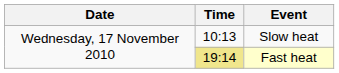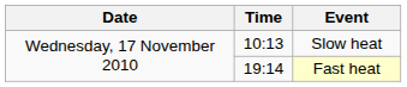 <table class = "wikitable" style="text-align:center;">
 <tr>
 <th width=220>Date</th>
 <th width=50>Time</th>
 <th width=100>Event</th>
 </tr>
 <tr>
 <td rowspan=2>Wednesday, 17 November 2010</td>
 <td>10:13</td>
 <td>Slow heat</td>
 </tr>
 <tr>
-<td style="background: khaki;">19:14</td>
+<td>19:14</td>
 <td bgcolor=ffffcc>Fast heat</td>
 </tr>
 </table>
